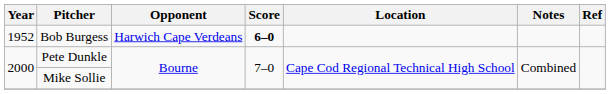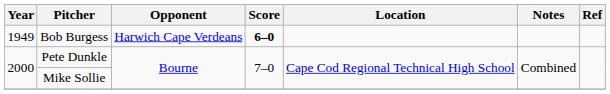 <table class="wikitable" style="text-align:center">
 <tr>
 <th scope="col">Year</th>
 <th scope="col">Pitcher</th>
 <th scope="col">Opponent</th>
 <th scope="col">Score</th>
 <th scope="col">Location</th>
 <th scope="col">Notes</th>
 <th scope="col">Ref</th>
 </tr>
 <tr>
-<td>1952</td>
+<td>1949</td>
 <td>Bob Burgess</td>
 <td><a href='#'>Harwich Cape Verdeans</a></td>
 <td><strong>6–0</strong></td>
 <td></td>
 <td></td>
 <td></td>
 </tr>
 <tr>
 <td rowspan="2">2000</td>
 <td>Pete Dunkle</td>
 <td rowspan="2"><a href='#'>Bourne</a></td>
 <td rowspan="2">7–0</td>
 <td rowspan="2"><a href='#'>Cape Cod Regional Technical High School </a></td>
 <td style="text-align:left" rowspan="2">Combined</td>
 <td rowspan="2"></td>
 </tr>
 <tr>
 <td>Mike Sollie</td>
 </tr>
 <tr>
 </tr>
 </table>
